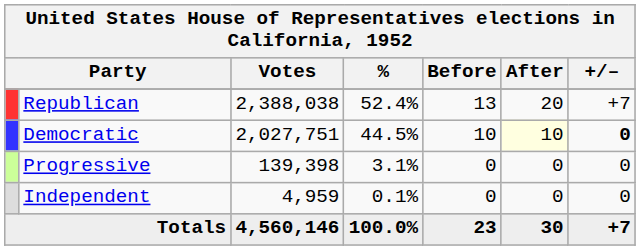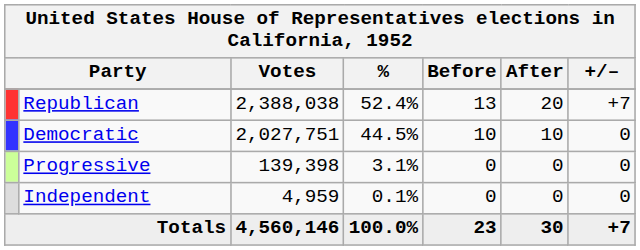 <table class="wikitable" style="font-size: 95%;">
 <tr>
 <th colspan="7">United States House of Representatives elections in California, 1952</th>
 </tr>
 <tr>
 <th colspan=2 style="width: 5em">Party</th>
 <th style="width: 5em">Votes</th>
 <th style="width: 3em">%</th>
 <th style="width: 3em">Before</th>
 <th style="width: 3em">After</th>
 <th style="width: 3em">+/–</th>
 </tr>
 <tr>
 </tr>
 <tr>
 <th style="background-color:#FF3333; width: 3px"></th>
 <td style="width: 130px"><a href='#'>Republican</a></td>
 <td align="right">2,388,038</td>
 <td align="right">52.4%</td>
 <td align="right">13</td>
 <td align="right">20</td>
 <td align="right">+7</td>
 </tr>
 <tr>
 <th style="background-color:#3333FF; width: 3px"></th>
 <td style="width: 130px"><a href='#'>Democratic</a></td>
 <td align="right">2,027,751</td>
 <td align="right">44.5%</td>
 <td align="right">10</td>
-<td align="right" style="background: lightyellow;">10</td>
-<td align="right"><strong>0</strong></td>
+<td align="right">10</td>
+<td align="right">0</td>
 </tr>
 <tr>
 <th style="background-color:#CCFF99; width: 3px"></th>
 <td style="width: 130px"><a href='#'>Progressive</a></td>
 <td align="right">139,398</td>
 <td align="right">3.1%</td>
 <td align="right">0</td>
 <td align="right">0</td>
 <td align="right">0</td>
 </tr>
 <tr>
 <th style="background-color:#DDDDDD; width: 3px"></th>
 <td style="width: 130px"><a href='#'>Independent</a></td>
 <td align="right">4,959</td>
 <td align="right">0.1%</td>
 <td align="right">0</td>
 <td align="right">0</td>
 <td align="right">0</td>
 </tr>
 <tr bgcolor="#EEEEEE">
 <td colspan="2" align="right"><strong>Totals</strong></td>
 <td align="right"><strong>4,560,146</strong></td>
 <td align="right"><strong>100.0%</strong></td>
 <td align="right"><strong>23</strong></td>
 <td align="right"><strong>30</strong></td>
 <td align="right"><strong>+7</strong></td>
 </tr>
 </table>
